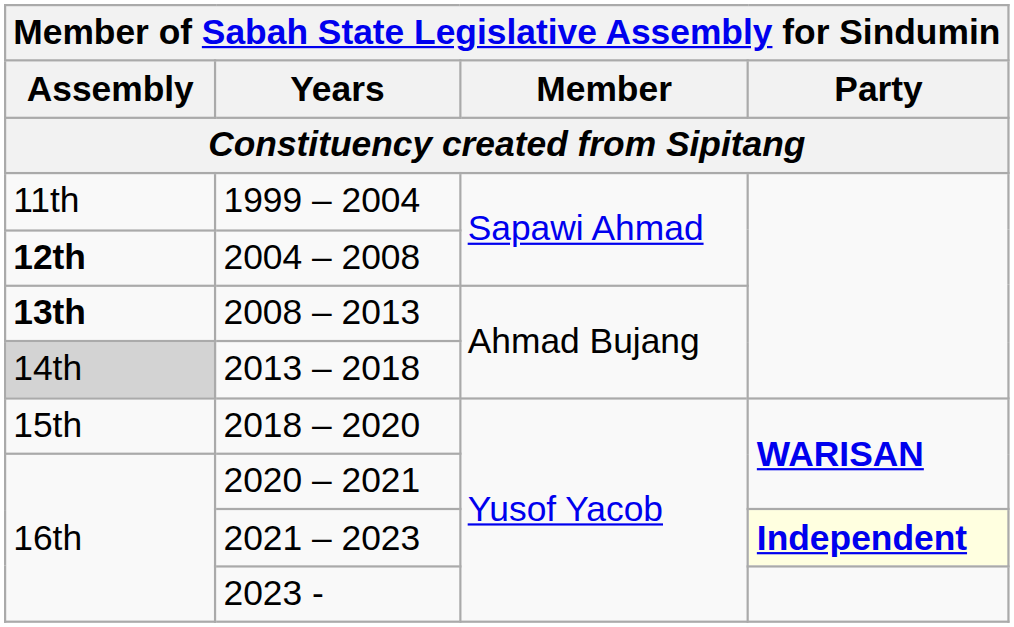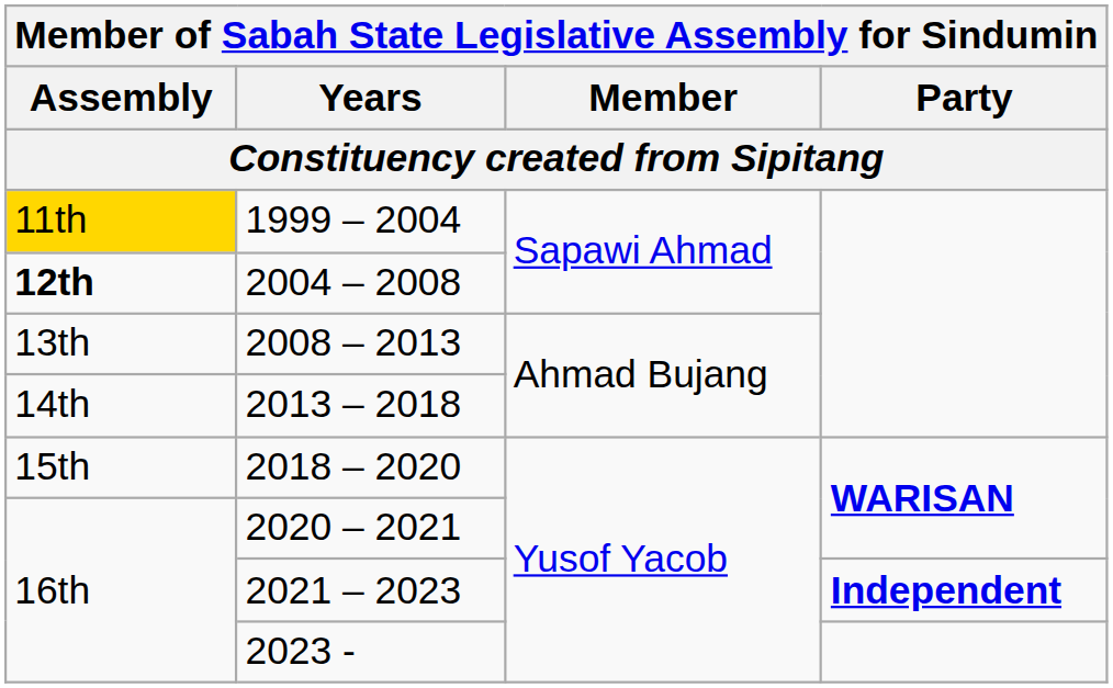 <table class="wikitable">
 <tr>
 <th colspan="4">Member of <a href='#'>Sabah State Legislative Assembly</a> for Sindumin</th>
 </tr>
 <tr>
 <th>Assembly</th>
 <th>Years</th>
 <th>Member</th>
 <th>Party</th>
 </tr>
 <tr>
 <th colspan="4" align="center"><em>Constituency created from Sipitang</em></th>
 </tr>
 <tr>
-<td>11th</td>
+<td style="background: gold;">11th</td>
 <td>1999 – 2004</td>
 <td rowspan="2"><a href='#'>Sapawi Ahmad</a></td>
 <td rowspan="4"></td>
 </tr>
 <tr>
 <td><strong>12th</strong></td>
 <td>2004 – 2008</td>
 </tr>
 <tr>
-<td><strong>13th</strong></td>
+<td>13th</td>
 <td>2008 – 2013</td>
 <td rowspan="2">Ahmad Bujang</td>
 </tr>
 <tr>
-<td style="background: lightgrey;">14th</td>
+<td>14th</td>
 <td>2013 – 2018</td>
 </tr>
 <tr>
 <td>15th</td>
 <td>2018 – 2020</td>
 <td rowspan="5"><a href='#'>Yusof Yacob</a></td>
 <td rowspan="2"><strong><a href='#'>WARISAN</a></strong></td>
 </tr>
 <tr>
 <td rowspan="3">16th</td>
 <td>2020 – 2021</td>
 </tr>
 <tr>
 <td>2021 – 2023</td>
-<td style="background: lightyellow;"><strong><a href='#'>Independent</a></strong></td>
+<td><strong><a href='#'>Independent</a></strong></td>
 </tr>
 <tr>
 <td>2023 -</td>
 <td></td>
 </tr>
 </table>
